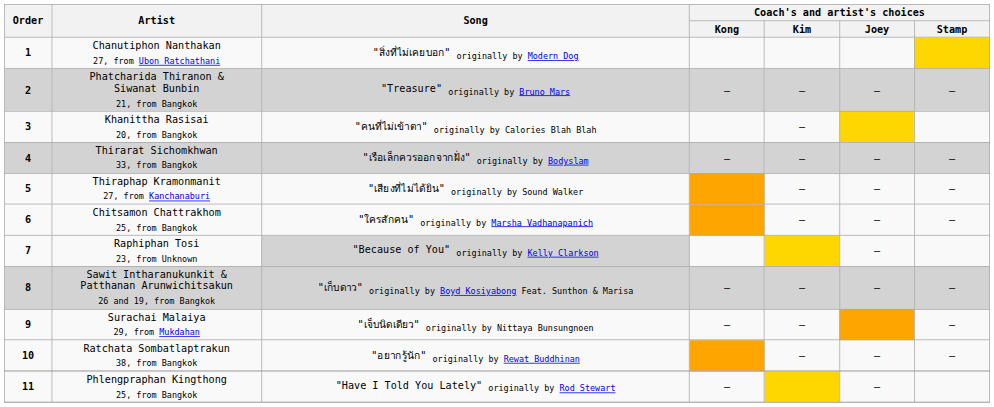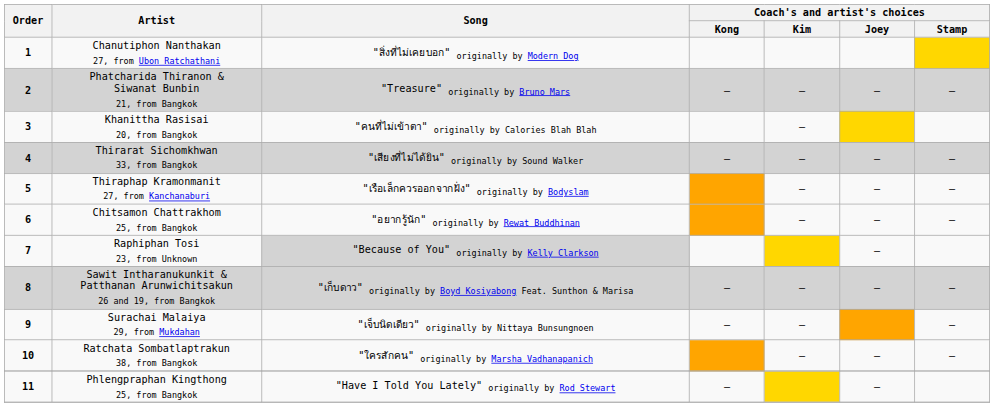 <table class="wikitable" style="text-align:center; width:100%;">
 <tr>
 <th rowspan=2>Order</th>
 <th rowspan=2>Artist</th>
 <th rowspan=2>Song</th>
 <th colspan=4>Coach's and artist's choices</th>
 </tr>
 <tr>
 <th width="90">Kong</th>
 <th width="90">Kim</th>
 <th width="90">Joey</th>
 <th width="90">Stamp</th>
 </tr>
 <tr>
 <td align="center"><strong>1</strong></td>
 <td>Chanutiphon Nanthakan<br><sub>27, from <a href='#'>Ubon Ratchathani</a></sub></td>
 <td>"สิ่งที่ไม่เคยบอก" <sub>originally by <a href='#'>Modern Dog</a></sub></td>
 <td style="text-align:center;"></td>
 <td style="text-align:center;"></td>
 <td style="text-align:center;"></td>
 <td style="background:gold;text-align:center;"></td>
 </tr>
 <tr bgcolor=lightgrey>
 <td align="center"><strong>2</strong></td>
 <td>Phatcharida Thiranon &<br>Siwanat Bunbin<br><sub>21, from Bangkok</sub></td>
 <td>"Treasure" <sub>originally by <a href='#'>Bruno Mars</a></sub></td>
 <td style="text-align:center;">—</td>
 <td style="text-align:center;">—</td>
 <td style="text-align:center;">—</td>
 <td style="text-align:center;">—</td>
 </tr>
 <tr>
 <td align="center"><strong>3</strong></td>
 <td>Khanittha Rasisai<br><sub>20, from Bangkok</sub></td>
 <td>"คนที่ไม่เข้าตา" <sub>originally by Calories Blah Blah</sub></td>
 <td style="text-align:center;"></td>
 <td style="text-align:center;">—</td>
 <td style="background:gold;text-align:center;"></td>
 <td style="text-align:center;"></td>
 </tr>
 <tr bgcolor=lightgrey>
 <td align="center"><strong>4</strong></td>
 <td>Thirarat Sichomkhwan<br><sub>33, from Bangkok</sub></td>
-<td>"เรือเล็กควรออกจากฝั่ง" <sub>originally by <a href='#'>Bodyslam</a></sub></td>
+<td>"เสียงที่ไม่ได้ยิน" <sub>originally by Sound Walker</sub></td>
 <td style="text-align:center;">—</td>
 <td style="text-align:center;">—</td>
 <td style="text-align:center;">—</td>
 <td style="text-align:center;">—</td>
 </tr>
 <tr>
 <td align="center"><strong>5</strong></td>
 <td>Thiraphap Kramonmanit<br><sub>27, from <a href='#'>Kanchanaburi</a></sub></td>
-<td>"เสียงที่ไม่ได้ยิน" <sub>originally by Sound Walker</sub></td>
+<td>"เรือเล็กควรออกจากฝั่ง" <sub>originally by <a href='#'>Bodyslam</a></sub></td>
 <td style="background:orange;text-align:center;"></td>
 <td style="text-align:center;">—</td>
 <td style="text-align:center;">—</td>
 <td style="text-align:center;">—</td>
 </tr>
 <tr>
 <td align="center"><strong>6</strong></td>
 <td>Chitsamon Chattrakhom<br><sub>25, from Bangkok</sub></td>
-<td>"ใครสักคน" <sub>originally by <a href='#'>Marsha Vadhanapanich</a></sub></td>
+<td>"อยากรู้นัก" <sub>originally by <a href='#'>Rewat Buddhinan</a></sub></td>
 <td style="background:orange;text-align:center;"></td>
 <td style="text-align:center;">—</td>
 <td style="text-align:center;">—</td>
 <td style="text-align:center;">—</td>
 </tr>
 <tr>
 <td align="center"><strong>7</strong></td>
 <td>Raphiphan Tosi<br><sub>23, from Unknown</sub></td>
 <td style="background: lightgrey;">"Because of You" <sub>originally by <a href='#'>Kelly Clarkson</a></sub></td>
 <td style="text-align:center;"></td>
 <td style="background:gold;text-align:center;"></td>
 <td style="text-align:center;">—</td>
 <td style="text-align:center;"></td>
 </tr>
 <tr bgcolor=lightgrey>
 <td align="center"><strong>8</strong></td>
 <td>Sawit Intharanukunkit & <br> Patthanan  Arunwichitsakun<br><sub>26 and 19, from Bangkok</sub></td>
 <td>"เก็บดาว" <sub>originally by <a href='#'>Boyd Kosiyabong</a> Feat. Sunthon & Marisa</sub></td>
 <td style="text-align:center;">—</td>
 <td style="text-align:center;">—</td>
 <td style="text-align:center;">—</td>
 <td style="text-align:center;">—</td>
 </tr>
 <tr>
 <td align="center"><strong>9</strong></td>
 <td>Surachai Malaiya<br><sub>29, from <a href='#'>Mukdahan</a></sub></td>
 <td>"เจ็บนิดเดียว" <sub>originally by Nittaya Bunsungnoen</sub></td>
 <td style="text-align:center;">—</td>
 <td style="text-align:center;">—</td>
 <td style="background:orange;text-align:center;"></td>
 <td style="text-align:center;">—</td>
 </tr>
 <tr>
 <td align="center"><strong>10</strong></td>
 <td>Ratchata Sombatlaptrakun<br><sub>38, from Bangkok</sub></td>
-<td>"อยากรู้นัก" <sub>originally by <a href='#'>Rewat Buddhinan</a></sub></td>
+<td>"ใครสักคน" <sub>originally by <a href='#'>Marsha Vadhanapanich</a></sub></td>
 <td style="background:orange;text-align:center;"></td>
 <td style="text-align:center;">—</td>
 <td style="text-align:center;">—</td>
 <td style="text-align:center;">—</td>
 </tr>
 <tr>
 </tr>
 <tr>
 <td align="center"><strong>11</strong></td>
 <td>Phlengpraphan  Kingthong<br><sub>25, from Bangkok</sub></td>
 <td>"Have I Told You Lately" <sub>originally by <a href='#'>Rod Stewart</a></sub></td>
 <td style="text-align:center;">—</td>
 <td style="background:gold;text-align:center;"></td>
 <td style="text-align:center;">—</td>
 <td style="text-align:center;"></td>
 </tr>
 <tr>
 </tr>
 </table>
